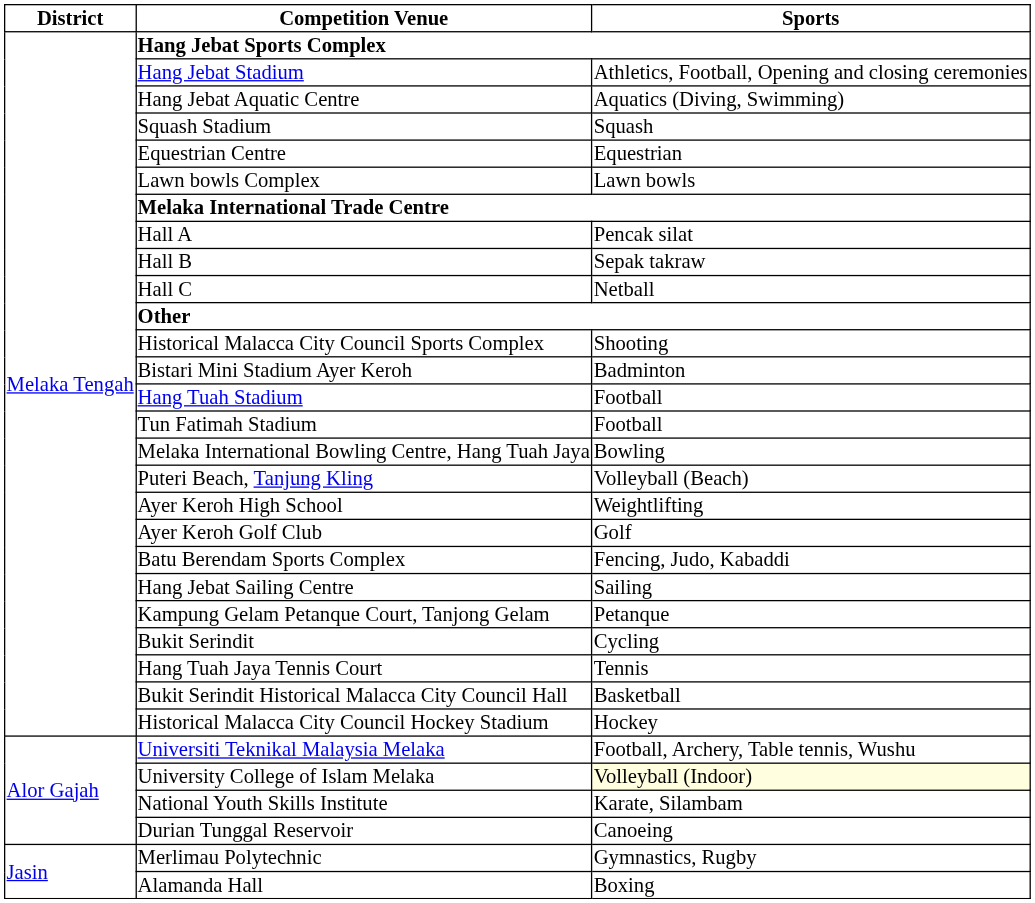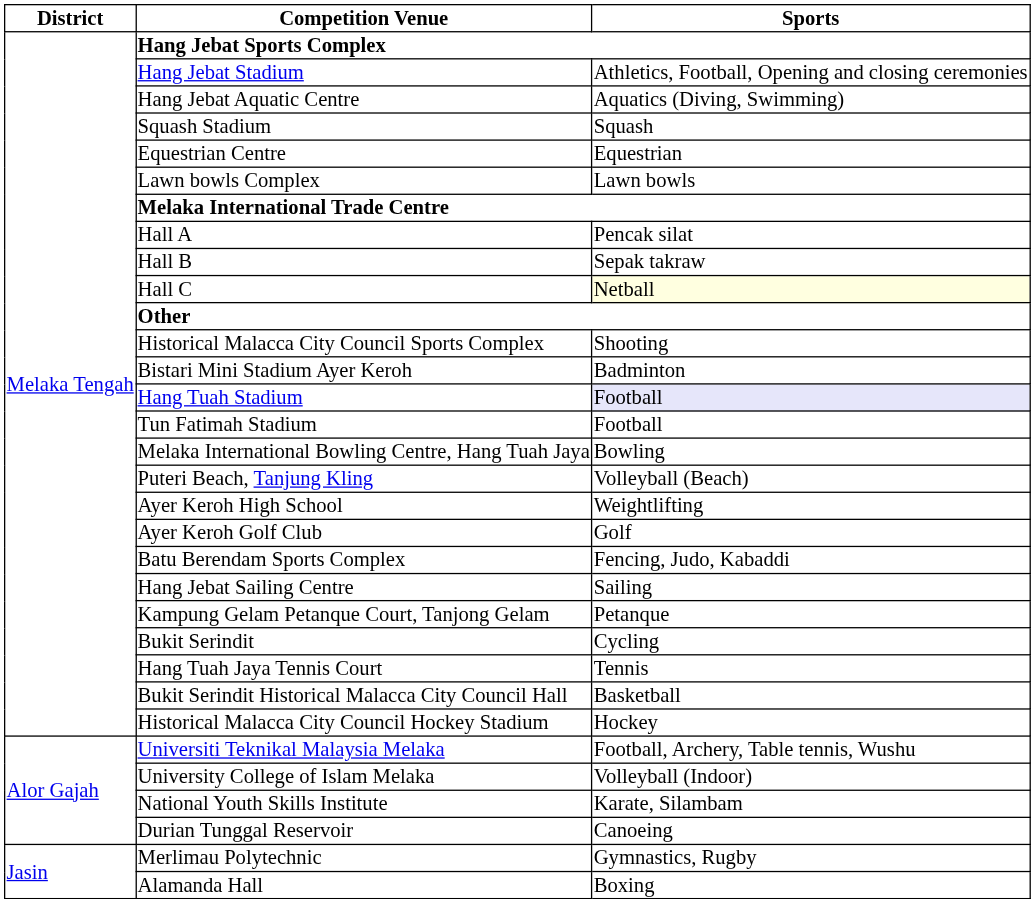 <table border=1 style="border-collapse:collapse; text-align:left; font-size:100%; border:2px black;">
 <tr style="text-align:center; color:black; font-weight:bold; background:white;">
 <td>District</td>
 <td>Competition Venue</td>
 <td>Sports</td>
 </tr>
 <tr>
 <td rowspan=26><a href='#'>Melaka Tengah</a></td>
 <td colspan=2><strong>Hang Jebat Sports Complex</strong></td>
 </tr>
 <tr>
 <td><a href='#'>Hang Jebat Stadium</a></td>
 <td>Athletics, Football, Opening and closing ceremonies</td>
 </tr>
 <tr>
 <td>Hang Jebat Aquatic Centre</td>
 <td>Aquatics (Diving, Swimming)</td>
 </tr>
 <tr>
 <td>Squash Stadium</td>
 <td>Squash</td>
 </tr>
 <tr>
 <td>Equestrian Centre</td>
 <td>Equestrian</td>
 </tr>
 <tr>
 <td>Lawn bowls Complex</td>
 <td>Lawn bowls</td>
 </tr>
 <tr>
 <td colspan=2><strong>Melaka International Trade Centre</strong></td>
 </tr>
 <tr>
 <td>Hall A</td>
 <td>Pencak silat</td>
 </tr>
 <tr>
 <td>Hall B</td>
 <td>Sepak takraw</td>
 </tr>
 <tr>
 <td>Hall C</td>
-<td>Netball</td>
+<td style="background: lightyellow;">Netball</td>
 </tr>
 <tr>
 <td colspan=2><strong>Other</strong></td>
 </tr>
 <tr>
 <td>Historical Malacca City Council Sports Complex</td>
 <td>Shooting</td>
 </tr>
 <tr>
 <td>Bistari Mini Stadium Ayer Keroh</td>
 <td>Badminton</td>
 </tr>
 <tr>
 <td><a href='#'>Hang Tuah Stadium</a></td>
-<td>Football</td>
+<td style="background: lavender;">Football</td>
 </tr>
 <tr>
 <td>Tun Fatimah Stadium</td>
 <td>Football</td>
 </tr>
 <tr>
 <td>Melaka International Bowling Centre, Hang Tuah Jaya</td>
 <td>Bowling</td>
 </tr>
 <tr>
 <td>Puteri Beach, <a href='#'>Tanjung Kling</a></td>
 <td>Volleyball (Beach)</td>
 </tr>
 <tr>
 <td>Ayer Keroh High School</td>
 <td>Weightlifting</td>
 </tr>
 <tr>
 <td>Ayer Keroh Golf Club</td>
 <td>Golf</td>
 </tr>
 <tr>
 <td>Batu Berendam Sports Complex</td>
 <td>Fencing, Judo, Kabaddi</td>
 </tr>
 <tr>
 <td>Hang Jebat Sailing Centre</td>
 <td>Sailing</td>
 </tr>
 <tr>
 <td>Kampung Gelam Petanque Court, Tanjong Gelam</td>
 <td>Petanque</td>
 </tr>
 <tr>
 <td>Bukit Serindit</td>
 <td>Cycling</td>
 </tr>
 <tr>
 <td>Hang Tuah Jaya Tennis Court</td>
 <td>Tennis</td>
 </tr>
 <tr>
 <td>Bukit Serindit Historical Malacca City Council Hall</td>
 <td>Basketball</td>
 </tr>
 <tr>
 <td>Historical Malacca City Council Hockey Stadium</td>
 <td>Hockey</td>
 </tr>
 <tr>
 <td rowspan=4><a href='#'>Alor Gajah</a></td>
 <td><a href='#'>Universiti Teknikal Malaysia Melaka</a></td>
 <td>Football, Archery, Table tennis, Wushu</td>
 </tr>
 <tr>
 <td>University College of Islam Melaka</td>
-<td style="background: lightyellow;">Volleyball (Indoor)</td>
+<td>Volleyball (Indoor)</td>
 </tr>
 <tr>
 <td>National Youth Skills Institute</td>
 <td>Karate, Silambam</td>
 </tr>
 <tr>
 <td>Durian Tunggal Reservoir</td>
 <td>Canoeing</td>
 </tr>
 <tr>
 <td rowspan=2><a href='#'>Jasin</a></td>
 <td>Merlimau Polytechnic</td>
 <td>Gymnastics, Rugby</td>
 </tr>
 <tr>
 <td>Alamanda Hall</td>
 <td>Boxing</td>
 </tr>
 </table>
